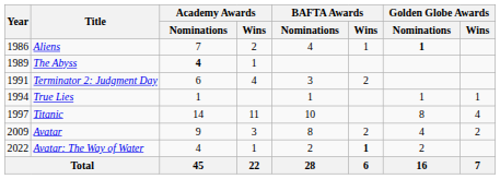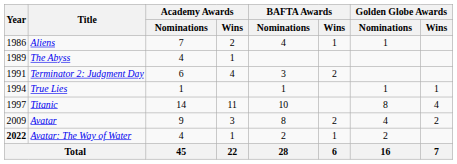 <table class="wikitable">
 <tr>
 <th rowspan="2">Year</th>
 <th rowspan="2">Title</th>
 <th colspan="2" style="text-align:center;" width=160>Academy Awards</th>
 <th colspan="2" style="text-align:center;" width=160>BAFTA Awards</th>
 <th colspan="2" style="text-align:center;" width=160>Golden Globe Awards</th>
 </tr>
 <tr>
 <th>Nominations</th>
 <th>Wins</th>
 <th>Nominations</th>
 <th>Wins</th>
 <th>Nominations</th>
 <th>Wins</th>
 </tr>
 <tr>
 <td>1986</td>
 <td><em><a href='#'>Aliens</a></em></td>
 <td align=center>7</td>
 <td align=center>2</td>
 <td align=center>4</td>
 <td align=center>1</td>
-<td align=center><strong>1</strong></td>
+<td align=center>1</td>
 <td></td>
 </tr>
 <tr>
 <td>1989</td>
 <td><em><a href='#'>The Abyss</a></em></td>
-<td align=center><strong>4</strong></td>
+<td align=center>4</td>
 <td align=center>1</td>
 <td></td>
 <td></td>
 <td></td>
 <td></td>
 </tr>
 <tr>
 <td>1991</td>
 <td><em><a href='#'>Terminator 2: Judgment Day</a></em></td>
 <td align=center>6</td>
 <td align=center>4</td>
 <td align=center>3</td>
 <td align=center>2</td>
 <td></td>
 <td></td>
 </tr>
 <tr>
 <td>1994</td>
 <td><em><a href='#'>True Lies</a></em></td>
 <td align=center>1</td>
 <td></td>
 <td align=center>1</td>
 <td></td>
 <td align=center>1</td>
 <td align=center>1</td>
 </tr>
 <tr>
 <td>1997</td>
 <td><em><a href='#'>Titanic</a></em></td>
 <td align=center>14</td>
 <td align=center>11</td>
 <td align=center>10</td>
 <td></td>
 <td align=center>8</td>
 <td align=center>4</td>
 </tr>
 <tr>
 <td>2009</td>
 <td><em><a href='#'>Avatar</a></em></td>
 <td align=center>9</td>
 <td align=center>3</td>
 <td align=center>8</td>
 <td align=center>2</td>
 <td align=center>4</td>
 <td align=center>2</td>
 </tr>
 <tr>
-<td>2022</td>
+<td><strong>2022</strong></td>
 <td><em><a href='#'>Avatar: The Way of Water</a></em></td>
 <td align=center>4</td>
 <td align=center>1</td>
 <td align=center>2</td>
-<td align=center><strong>1</strong></td>
+<td align=center>1</td>
 <td align=center>2</td>
 <td></td>
 </tr>
 <tr>
 <th colspan="2">Total</th>
 <th align=center>45</th>
 <th align=center>22</th>
 <th align=center>28</th>
 <th align=center>6</th>
 <th align=center>16</th>
 <th align=center>7</th>
 </tr>
 </table>
